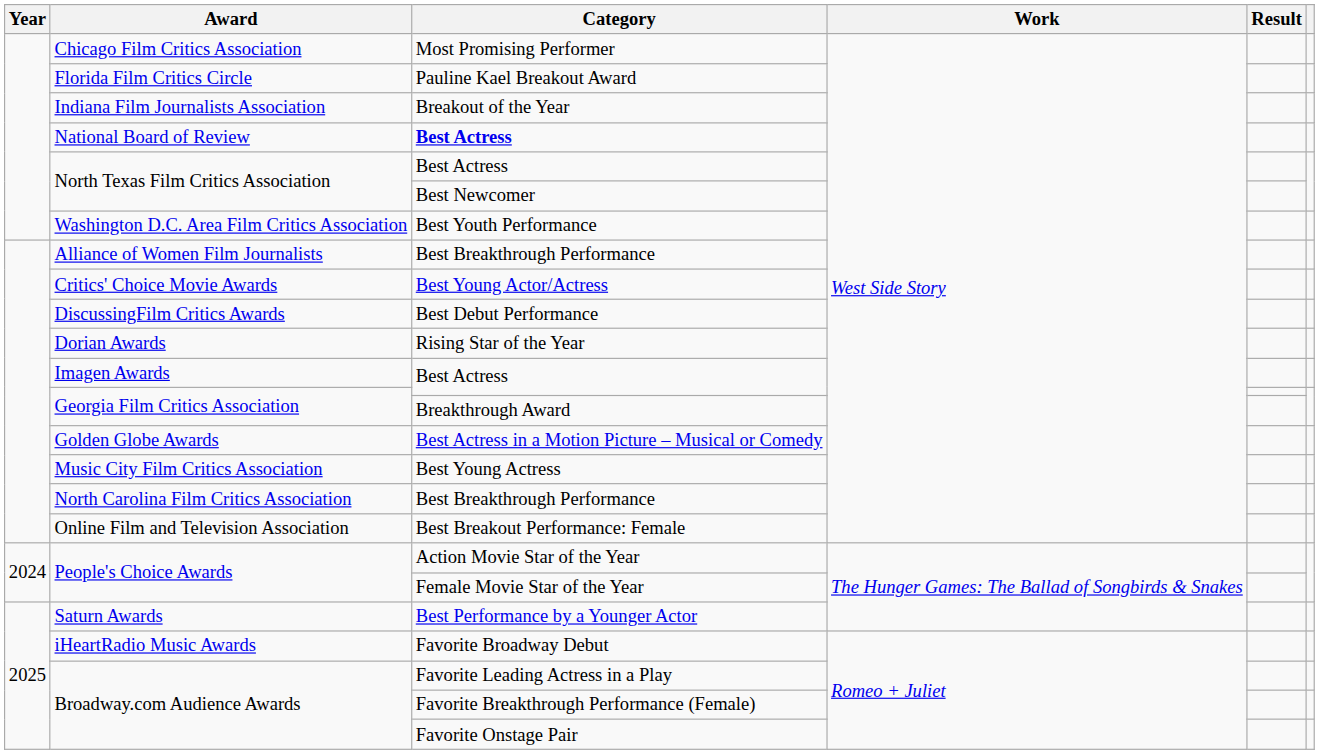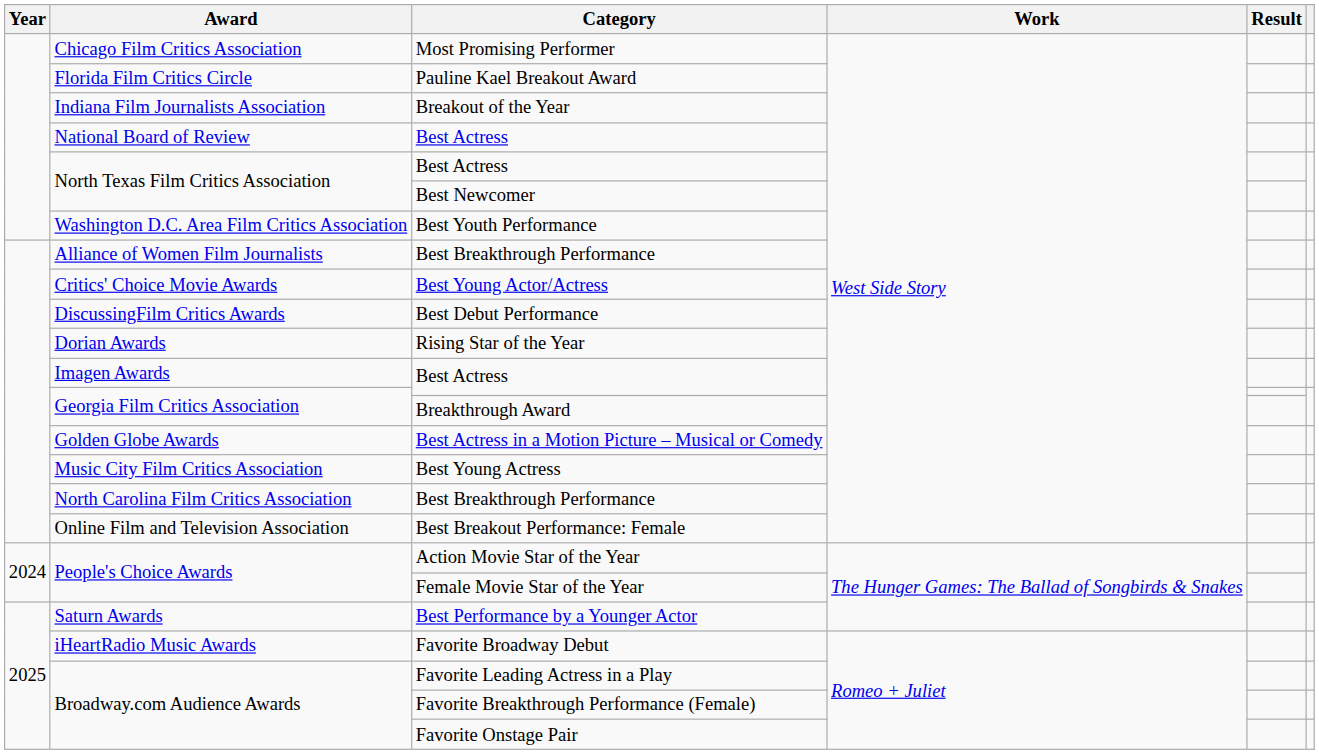 <table class="wikitable sortable">
 <tr>
 <th scope="col">Year</th>
 <th scope="col">Award</th>
 <th scope="col">Category</th>
 <th scope="col">Work</th>
 <th scope="col">Result</th>
 <th scope="col" class="unsortable"></th>
 </tr>
 <tr>
 <td rowspan="7"></td>
 <td><a href='#'>Chicago Film Critics Association</a></td>
 <td>Most Promising Performer</td>
 <td rowspan="18"><em><a href='#'>West Side Story</a></em></td>
 <td></td>
 <td style="text-align:center;"></td>
 </tr>
 <tr>
 <td><a href='#'>Florida Film Critics Circle</a></td>
 <td>Pauline Kael Breakout Award</td>
 <td></td>
 <td style="text-align:center;"></td>
 </tr>
 <tr>
 <td><a href='#'>Indiana Film Journalists Association</a></td>
 <td>Breakout of the Year</td>
 <td></td>
 <td style="text-align:center;"></td>
 </tr>
 <tr>
 <td><a href='#'>National Board of Review</a></td>
-<td><strong><a href='#'>Best Actress</a></strong></td>
+<td><a href='#'>Best Actress</a></td>
 <td></td>
 <td style="text-align:center;"></td>
 </tr>
 <tr>
 <td rowspan="2">North Texas Film Critics Association</td>
 <td>Best Actress</td>
 <td></td>
 <td style="text-align:center;" rowspan="2"></td>
 </tr>
 <tr>
 <td>Best Newcomer</td>
 <td></td>
 </tr>
 <tr>
 <td><a href='#'>Washington D.C. Area Film Critics Association</a></td>
 <td>Best Youth Performance</td>
 <td></td>
 <td style="text-align:center;"></td>
 </tr>
 <tr>
 <td rowspan="11"></td>
 <td><a href='#'>Alliance of Women Film Journalists</a></td>
 <td>Best Breakthrough Performance</td>
 <td></td>
 <td style="text-align:center;"></td>
 </tr>
 <tr>
 <td><a href='#'>Critics' Choice Movie Awards</a></td>
 <td><a href='#'>Best Young Actor/Actress</a></td>
 <td></td>
 <td style="text-align:center;"></td>
 </tr>
 <tr>
 <td><a href='#'>DiscussingFilm Critics Awards</a></td>
 <td>Best Debut Performance</td>
 <td></td>
 <td style="text-align:center;"></td>
 </tr>
 <tr>
 <td><a href='#'>Dorian Awards</a></td>
 <td>Rising Star of the Year</td>
 <td></td>
 <td style="text-align:center;"></td>
 </tr>
 <tr>
 <td><a href='#'>Imagen Awards</a></td>
 <td rowspan="2">Best Actress</td>
 <td></td>
 <td align="center"></td>
 </tr>
 <tr>
 <td rowspan="2"><a href='#'>Georgia Film Critics Association</a></td>
 <td></td>
 <td style="text-align:center;" rowspan="2"></td>
 </tr>
 <tr>
 <td>Breakthrough Award</td>
 <td></td>
 </tr>
 <tr>
 <td><a href='#'>Golden Globe Awards</a></td>
 <td><a href='#'>Best Actress in a Motion Picture – Musical or Comedy</a></td>
 <td></td>
 <td style="text-align:center;"></td>
 </tr>
 <tr>
 <td><a href='#'>Music City Film Critics Association</a></td>
 <td>Best Young Actress</td>
 <td></td>
 <td style="text-align:center;"></td>
 </tr>
 <tr>
 <td><a href='#'>North Carolina Film Critics Association</a></td>
 <td>Best Breakthrough Performance</td>
 <td></td>
 <td style="text-align:center;"></td>
 </tr>
 <tr>
 <td>Online Film and Television Association</td>
 <td>Best Breakout Performance: Female</td>
 <td></td>
 <td style="text-align:center;"></td>
 </tr>
 <tr>
 <td rowspan="2" align="center">2024</td>
 <td rowspan="2"><a href='#'>People's Choice Awards</a></td>
 <td>Action Movie Star of the Year</td>
 <td rowspan="3"><em><a href='#'>The Hunger Games: The Ballad of Songbirds & Snakes</a></em></td>
 <td></td>
 <td align="center" rowspan="2"></td>
 </tr>
 <tr>
 <td>Female Movie Star of the Year</td>
 <td></td>
 </tr>
 <tr>
 <td rowspan="5" align="center">2025</td>
 <td><a href='#'>Saturn Awards</a></td>
 <td><a href='#'>Best Performance by a Younger Actor</a></td>
 <td></td>
 <td align="center"></td>
 </tr>
 <tr>
 <td><a href='#'>iHeartRadio Music Awards</a></td>
 <td>Favorite Broadway Debut</td>
 <td rowspan="4"><em><a href='#'>Romeo + Juliet</a></em></td>
 <td></td>
 <td></td>
 </tr>
 <tr>
 <td rowspan="3">Broadway.com Audience Awards</td>
 <td>Favorite Leading Actress in a Play</td>
 <td></td>
 <td></td>
 </tr>
 <tr>
 <td>Favorite Breakthrough Performance (Female)</td>
 <td></td>
 <td></td>
 </tr>
 <tr>
 <td>Favorite Onstage Pair</td>
 <td></td>
 <td></td>
 </tr>
 </table>
